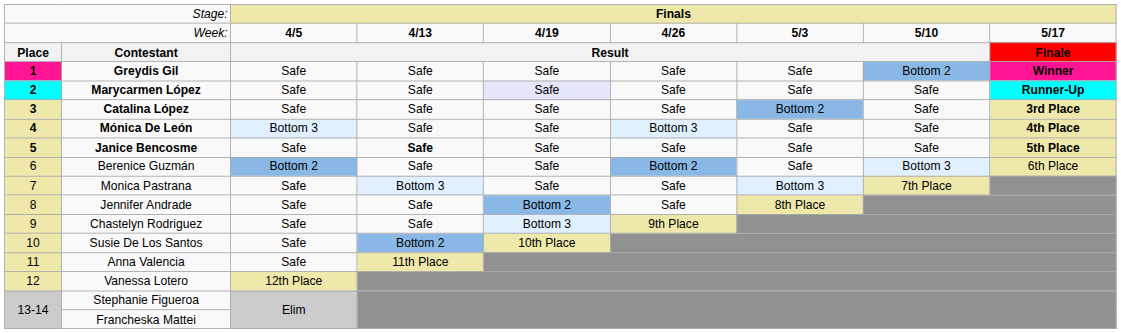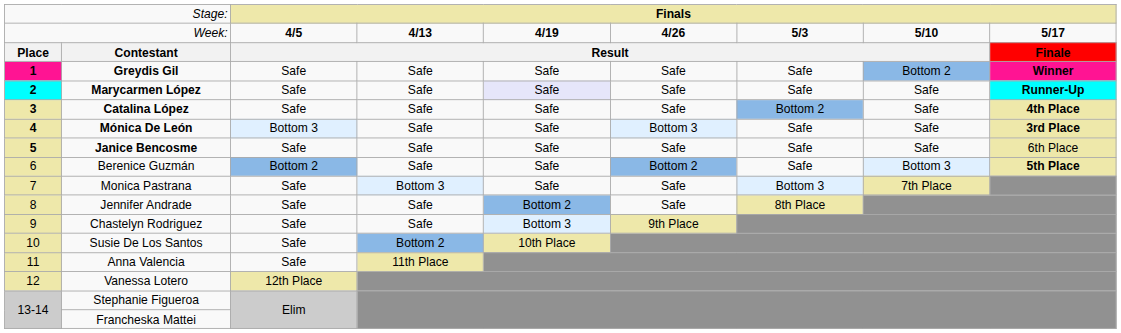 <table class="wikitable" style="text-align:center; font-size:85%">
 <tr>
 <td colspan="2" align="right"><em>Stage:</em></td>
 <td colspan="8" bgcolor="palegoldenrod" align="Center"><strong>Finals</strong></td>
 </tr>
 <tr>
 <td colspan="2" align="right"><em>Week:</em></td>
 <td align="center" width=6%><strong>4/5</strong></td>
 <td align="center" width=6%><strong>4/13 </strong></td>
 <td align="center" width=6%><strong>4/19</strong></td>
 <td align="center" width=6%><strong>4/26</strong></td>
 <td align="center" width=6%><strong>5/3</strong></td>
 <td align="center" width=6%><strong>5/10</strong></td>
 <td align="center" width=6%><strong>5/17</strong></td>
 </tr>
 <tr>
 <th width="2%">Place</th>
 <th colspan="1" align="center">Contestant</th>
 <th colspan="6" align="center">Result</th>
 <td colspan="1" bgcolor="red" align="Center"><strong>Finale</strong></td>
 </tr>
 <tr>
 <td bgcolor="deeppink" align="center"><strong>1</strong></td>
 <td width="8%"><strong>Greydis Gil</strong></td>
 <td>Safe</td>
 <td>Safe</td>
 <td>Safe</td>
 <td>Safe</td>
 <td>Safe</td>
 <td bgcolor="#8AB8E6">Bottom 2</td>
 <td bgcolor="deeppink" align="center"><strong>Winner</strong></td>
 </tr>
 <tr>
 <td bgcolor="cyan" align="center"><strong>2</strong></td>
 <td><strong>Marycarmen López</strong></td>
 <td>Safe</td>
 <td>Safe</td>
 <td style="background: lavender;">Safe</td>
 <td>Safe</td>
 <td>Safe</td>
 <td>Safe</td>
 <td bgcolor="cyan" align="center"><strong>Runner-Up</strong></td>
 </tr>
 <tr>
 <td bgcolor="palegoldenrod" align="center"><strong>3</strong></td>
 <td><strong>Catalina López</strong></td>
 <td>Safe</td>
 <td>Safe</td>
 <td>Safe</td>
 <td>Safe</td>
 <td bgcolor="#8AB8E6">Bottom 2</td>
 <td>Safe</td>
-<td bgcolor="#EEE8AA" align="center"><strong>3rd Place</strong></td>
+<td bgcolor="#EEE8AA" align="center"><strong>4th Place</strong></td>
 </tr>
 <tr>
 <td bgcolor="palegoldenrod" align="center"><strong>4</strong></td>
 <td><strong>Mónica De León</strong></td>
 <td bgcolor="#E0F0FF">Bottom 3</td>
 <td>Safe</td>
 <td>Safe</td>
 <td bgcolor="#E0F0FF">Bottom 3</td>
 <td>Safe</td>
 <td>Safe</td>
-<td bgcolor="#EEE8AA" align="center"><strong>4th Place</strong></td>
+<td bgcolor="#EEE8AA" align="center"><strong>3rd Place</strong></td>
 </tr>
 <tr>
 <td bgcolor="palegoldenrod" align="center"><strong>5</strong></td>
 <td><strong>Janice Bencosme</strong></td>
 <td>Safe</td>
-<td><strong>Safe</strong></td>
 <td>Safe</td>
 <td>Safe</td>
 <td>Safe</td>
 <td>Safe</td>
-<td bgcolor="#EEE8AA" align="center"><strong>5th Place<strong><em></td>
+<td>Safe</td>
+<td bgcolor="#EEE8AA" align="center"></strong>6th Place<strong></td>
 </tr>
 <tr>
 <td bgcolor="palegoldenrod" align="center"></strong>6<strong></td>
 <td></strong>Berenice Guzmán<strong></td>
 <td bgcolor="#8AB8E6">Bottom 2</td>
 <td>Safe</td>
 <td>Safe</td>
 <td bgcolor="#8AB8E6">Bottom 2</td>
 <td>Safe</td>
 <td bgcolor="#E0F0FF">Bottom 3</td>
-<td bgcolor="#EEE8AA" align="center"></strong>6th Place<strong></td>
+<td bgcolor="#EEE8AA" align="center"><strong>5th Place<strong><em></td>
 </tr>
 <tr>
 <td align="center" bgcolor="palegoldenrod"></strong>7<strong></td>
 <td></strong>Monica Pastrana<strong></td>
 <td>Safe</td>
 <td bgcolor="#E0F0FF">Bottom 3</td>
 <td>Safe</td>
 <td>Safe</td>
 <td bgcolor="#E0F0FF">Bottom 3</td>
 <td bgcolor="#EEE8AA" align="center"></strong>7th Place<strong></td>
 <td style="background:#919191"></td>
 </tr>
 <tr>
 <td align="center" bgcolor="palegoldenrod"></strong>8<strong></td>
 <td></strong>Jennifer Andrade<strong></td>
 <td>Safe</td>
 <td>Safe</td>
 <td bgcolor="#8AB8E6">Bottom 2</td>
 <td>Safe</td>
 <td bgcolor="#EEE8AA" align="center"></strong>8th Place<strong></td>
 <td style="background:#919191" colspan="2"></td>
 </tr>
 <tr>
 <td align="center" bgcolor="palegoldenrod"></strong>9<strong></td>
 <td></strong>Chastelyn Rodriguez<strong></td>
 <td>Safe</td>
 <td>Safe</td>
 <td bgcolor="#E0F0FF">Bottom 3</td>
 <td bgcolor="#EEE8AA" align="center"></strong>9th Place<strong></td>
 <td style="background:#919191" colspan="3"></td>
 </tr>
 <tr>
 <td align="center" bgcolor="palegoldenrod"></strong>10<strong></td>
 <td></strong>Susie De Los Santos<strong></td>
 <td>Safe</td>
 <td bgcolor="#8AB8E6">Bottom 2</td>
 <td bgcolor="#EEE8AA" align="center"></strong>10th Place<strong></td>
 <td style="background:#919191" colspan="4"></td>
 </tr>
 <tr>
 <td align="center" bgcolor="palegoldenrod"></strong>11<strong></td>
 <td></strong>Anna Valencia<strong></td>
 <td>Safe</td>
 <td bgcolor="#EEE8AA" align="center"></strong>11th Place<strong></td>
 <td style="background:#919191" colspan="5"></td>
 </tr>
 <tr>
 <td align="center" bgcolor="palegoldenrod"></strong>12<strong></td>
 <td></strong>Vanessa Lotero<strong></td>
 <td bgcolor="#EEE8AA" align="center"></strong>12th Place<strong></td>
 <td style="background:#919191" colspan="6"></td>
 </tr>
 <tr>
 <td align="center" bgcolor="CCCCCC" rowspan="8"></strong>13-14<strong></td>
 <td>Stephanie Figueroa</td>
 <td bgcolor="CCCCCC" rowspan="2" align="center"></strong>Elim<strong></td>
 <td style="background:#919191" colspan="7" rowspan="2"></td>
 </tr>
 <tr>
 <td>Francheska Mattei</td>
 </tr>
 </table>
